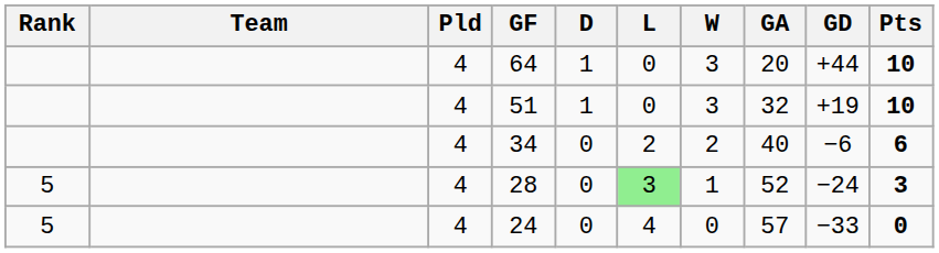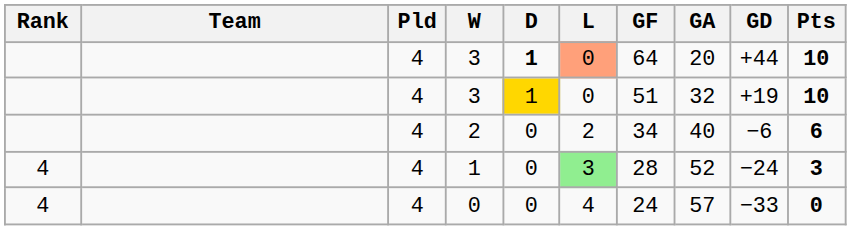 <table class="wikitable" style="text-align: center; font-size:90% ">
 <tr>
 <th width=35>Rank</th>
 <th width=160>Team</th>
 <th width=25>Pld</th>
-<th width=25>GF</th>
+<th width=25>W</th>
 <th width=25>D</th>
 <th width=25>L</th>
-<th width=25>W</th>
+<th width=25>GF</th>
 <th width=25>GA</th>
 <th width=25>GD</th>
 <th width=25>Pts</th>
 </tr>
 <tr>
 <td></td>
 <td align=left></td>
 <td>4</td>
+<td>3</td>
+<td><strong>1</strong></td>
+<td style="background: lightsalmon;">0</td>
 <td>64</td>
-<td>1</td>
-<td>0</td>
-<td>3</td>
 <td>20</td>
 <td>+44</td>
 <td><strong>10</strong></td>
 </tr>
 <tr>
 <td></td>
 <td align=left></td>
 <td>4</td>
+<td>3</td>
+<td style="background: gold;">1</td>
+<td>0</td>
 <td>51</td>
-<td>1</td>
-<td>0</td>
-<td>3</td>
 <td>32</td>
 <td>+19</td>
 <td><strong>10</strong></td>
 </tr>
 <tr>
 <td></td>
 <td align=left></td>
 <td>4</td>
-<td>34</td>
+<td>2</td>
 <td>0</td>
 <td>2</td>
-<td>2</td>
+<td>34</td>
 <td>40</td>
 <td>−6</td>
 <td><strong>6</strong></td>
 </tr>
 <tr>
-<td>5</td>
+<td>4</td>
 <td align=left></td>
 <td>4</td>
-<td>28</td>
+<td>1</td>
 <td>0</td>
 <td style="background: lightgreen;">3</td>
-<td>1</td>
+<td>28</td>
 <td>52</td>
 <td>−24</td>
 <td><strong>3</strong></td>
 </tr>
 <tr>
-<td>5</td>
+<td>4</td>
 <td align=left></td>
 <td>4</td>
-<td>24</td>
+<td>0</td>
 <td>0</td>
 <td>4</td>
-<td>0</td>
+<td>24</td>
 <td>57</td>
 <td>−33</td>
 <td><strong>0</strong></td>
 </tr>
 </table>
